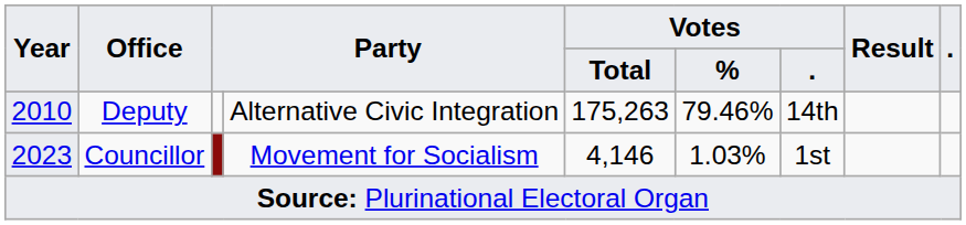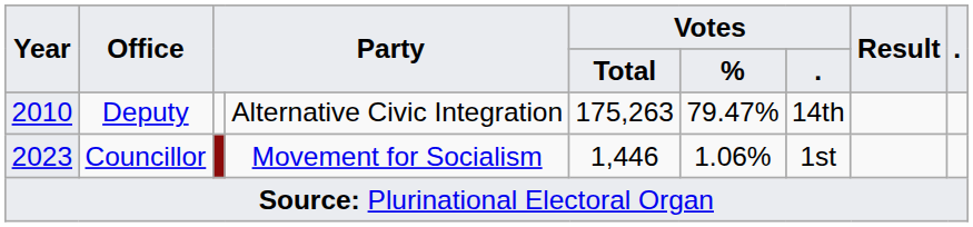 <table class="wikitable" style="font-size: 90%; text-align:center;">
 <tr>
 <th style="background-color:#EAECF0;" rowspan=2>Year</th>
 <th style="background-color:#EAECF0;" rowspan=2>Office</th>
 <th style="background-color:#EAECF0;" colspan=2 rowspan=2>Party</th>
 <th style="background-color:#EAECF0;" colspan=3>Votes</th>
 <th style="background-color:#EAECF0;" rowspan=2>Result</th>
 <th style="background-color:#EAECF0;" rowspan=2>.</th>
 </tr>
 <tr>
 <th style="background-color:#EAECF0;">Total</th>
 <th style="background-color:#EAECF0;">%</th>
 <th style="background-color:#EAECF0;">.</th>
 </tr>
 <tr>
 <td style="background-color:#EAECF0;"><a href='#'>2010</a></td>
 <td><a href='#'>Deputy</a></td>
 <td style="background-color:"></td>
 <td>Alternative Civic Integration</td>
 <td>175,263</td>
-<td>79.46%</td>
+<td>79.47%</td>
 <td>14th</td>
 <td></td>
 <td></td>
 </tr>
 <tr>
 <td style="background-color:#EAECF0;"><a href='#'>2023</a></td>
 <td><a href='#'>Councillor</a></td>
 <td style="background-color:#8B0B0A;"></td>
 <td><a href='#'>Movement for Socialism</a></td>
-<td>4,146</td>
-<td>1.03%</td>
+<td>1,446</td>
+<td>1.06%</td>
 <td>1st</td>
 <td></td>
 <td></td>
 </tr>
 <tr>
 <td style="background-color:#EAECF0;" colspan=9><strong>Source:</strong> <a href='#'>Plurinational Electoral Organ</a>  </td>
 </tr>
 </table>
